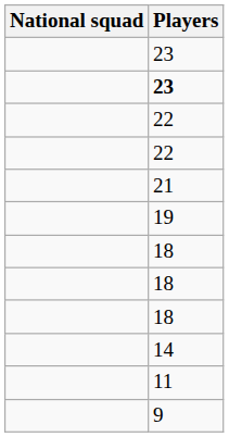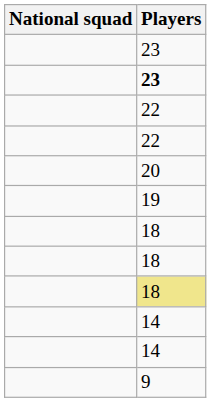 <table class="wikitable sortable">
 <tr>
 <th>National squad</th>
 <th>Players</th>
 </tr>
 <tr>
 <td></td>
 <td>23</td>
 </tr>
 <tr>
 <td></td>
 <td><strong>23</strong></td>
 </tr>
 <tr>
 <td></td>
 <td>22</td>
 </tr>
 <tr>
 <td></td>
 <td>22</td>
 </tr>
 <tr>
 <td></td>
-<td>21</td>
+<td>20</td>
 </tr>
 <tr>
 <td></td>
 <td>19</td>
 </tr>
 <tr>
 <td></td>
 <td>18</td>
 </tr>
 <tr>
 <td></td>
 <td>18</td>
 </tr>
 <tr>
 <td></td>
-<td>18</td>
+<td style="background: khaki;">18</td>
 </tr>
 <tr>
 <td></td>
 <td>14</td>
 </tr>
 <tr>
 <td></td>
-<td>11</td>
+<td>14</td>
 </tr>
 <tr>
 <td></td>
 <td>9</td>
 </tr>
 </table>
